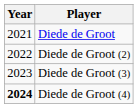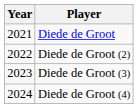 <table class="wikitable sortable" style="text-align:center;">
 <tr>
 <th>Year</th>
 <th>Player</th>
 </tr>
 <tr>
 <td>2021</td>
 <td style="text-align:left;"> <a href='#'>Diede de Groot</a></td>
 </tr>
 <tr>
 <td>2022</td>
 <td style="text-align:left;"> Diede de Groot <small>(2)</small></td>
 </tr>
 <tr>
 <td>2023</td>
 <td style="text-align:left;"> Diede de Groot <small>(3)</small></td>
 </tr>
 <tr>
-<td><strong>2024</strong></td>
+<td>2024</td>
 <td style="text-align:left;"> Diede de Groot <small>(4)</small></td>
 </tr>
 </table>
